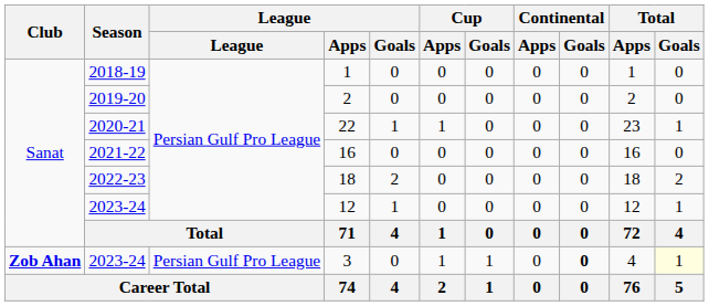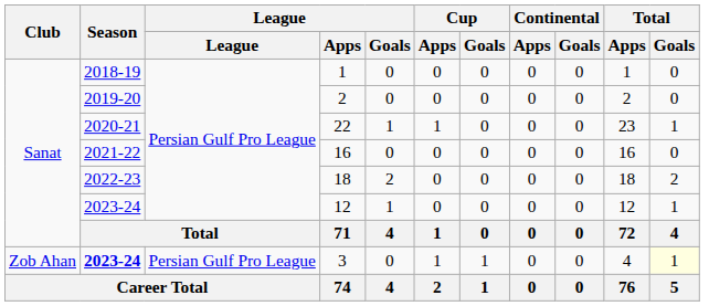 <table class="wikitable"style="text-align:center;">
 <tr>
 <th rowspan=2>Club</th>
 <th rowspan=2>Season</th>
 <th colspan=3>League</th>
 <th colspan=2>Cup</th>
 <th colspan=2>Continental</th>
 <th colspan=2>Total</th>
 </tr>
 <tr>
 <th>League</th>
 <th>Apps</th>
 <th>Goals</th>
 <th>Apps</th>
 <th>Goals</th>
 <th>Apps</th>
 <th>Goals</th>
 <th>Apps</th>
 <th>Goals</th>
 </tr>
 <tr>
 <td rowspan="7"><a href='#'>Sanat</a></td>
 <td><a href='#'>2018-19</a></td>
 <td rowspan="6"><a href='#'>Persian Gulf Pro League</a></td>
 <td>1</td>
 <td>0</td>
 <td>0</td>
 <td>0</td>
 <td>0</td>
 <td>0</td>
 <td>1</td>
 <td>0</td>
 </tr>
 <tr>
 <td><a href='#'>2019-20</a></td>
 <td>2</td>
 <td>0</td>
 <td>0</td>
 <td>0</td>
 <td>0</td>
 <td>0</td>
 <td>2</td>
 <td>0</td>
 </tr>
 <tr>
 <td><a href='#'>2020-21</a></td>
 <td>22</td>
 <td>1</td>
 <td>1</td>
 <td>0</td>
 <td>0</td>
 <td>0</td>
 <td>23</td>
 <td>1</td>
 </tr>
 <tr>
 <td><a href='#'>2021-22</a></td>
 <td>16</td>
 <td>0</td>
 <td>0</td>
 <td>0</td>
 <td>0</td>
 <td>0</td>
 <td>16</td>
 <td>0</td>
 </tr>
 <tr>
 <td><a href='#'>2022-23</a></td>
 <td>18</td>
 <td>2</td>
 <td>0</td>
 <td>0</td>
 <td>0</td>
 <td>0</td>
 <td>18</td>
 <td>2</td>
 </tr>
 <tr>
 <td><a href='#'>2023-24</a></td>
 <td>12</td>
 <td>1</td>
 <td>0</td>
 <td>0</td>
 <td>0</td>
 <td>0</td>
 <td>12</td>
 <td>1</td>
 </tr>
 <tr>
 <th colspan=2>Total</th>
 <th>71</th>
 <th>4</th>
 <th>1</th>
 <th>0</th>
 <th>0</th>
 <th>0</th>
 <th>72</th>
 <th>4</th>
 </tr>
 <tr>
-<td><strong><a href='#'>Zob Ahan</a></strong></td>
-<td><a href='#'>2023-24</a></td>
+<td><a href='#'>Zob Ahan</a></td>
+<td><strong><a href='#'>2023-24</a></strong></td>
 <td><a href='#'>Persian Gulf Pro League</a></td>
 <td>3</td>
 <td>0</td>
 <td>1</td>
 <td>1</td>
 <td>0</td>
-<td><strong>0</strong></td>
+<td>0</td>
 <td>4</td>
 <td style="background: lightyellow;">1</td>
 </tr>
 <tr>
 <th colspan=3>Career Total</th>
 <th>74</th>
 <th>4</th>
 <th>2</th>
 <th>1</th>
 <th>0</th>
 <th>0</th>
 <th>76</th>
 <th>5</th>
 </tr>
 </table>
